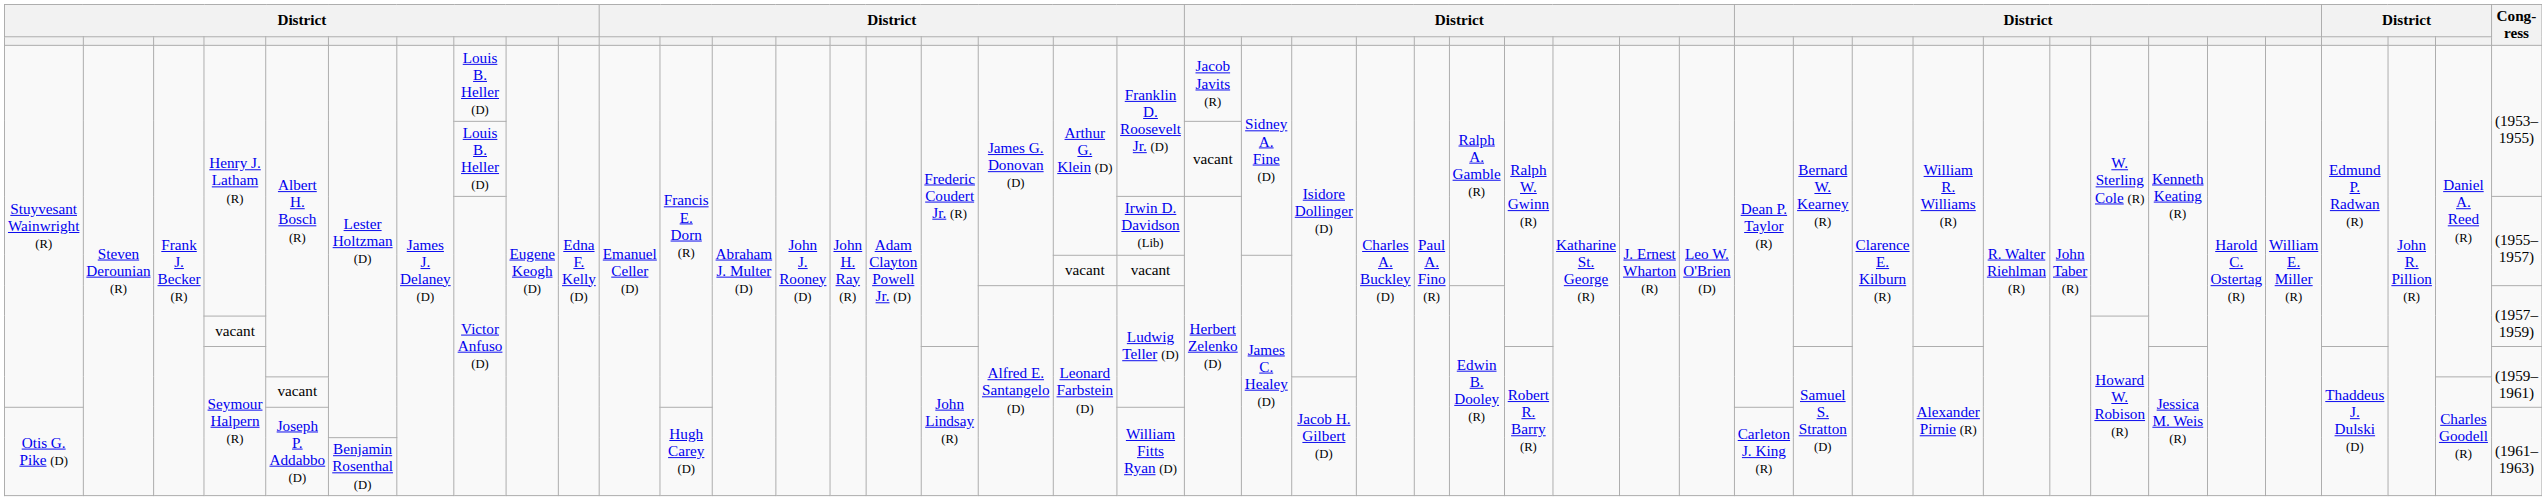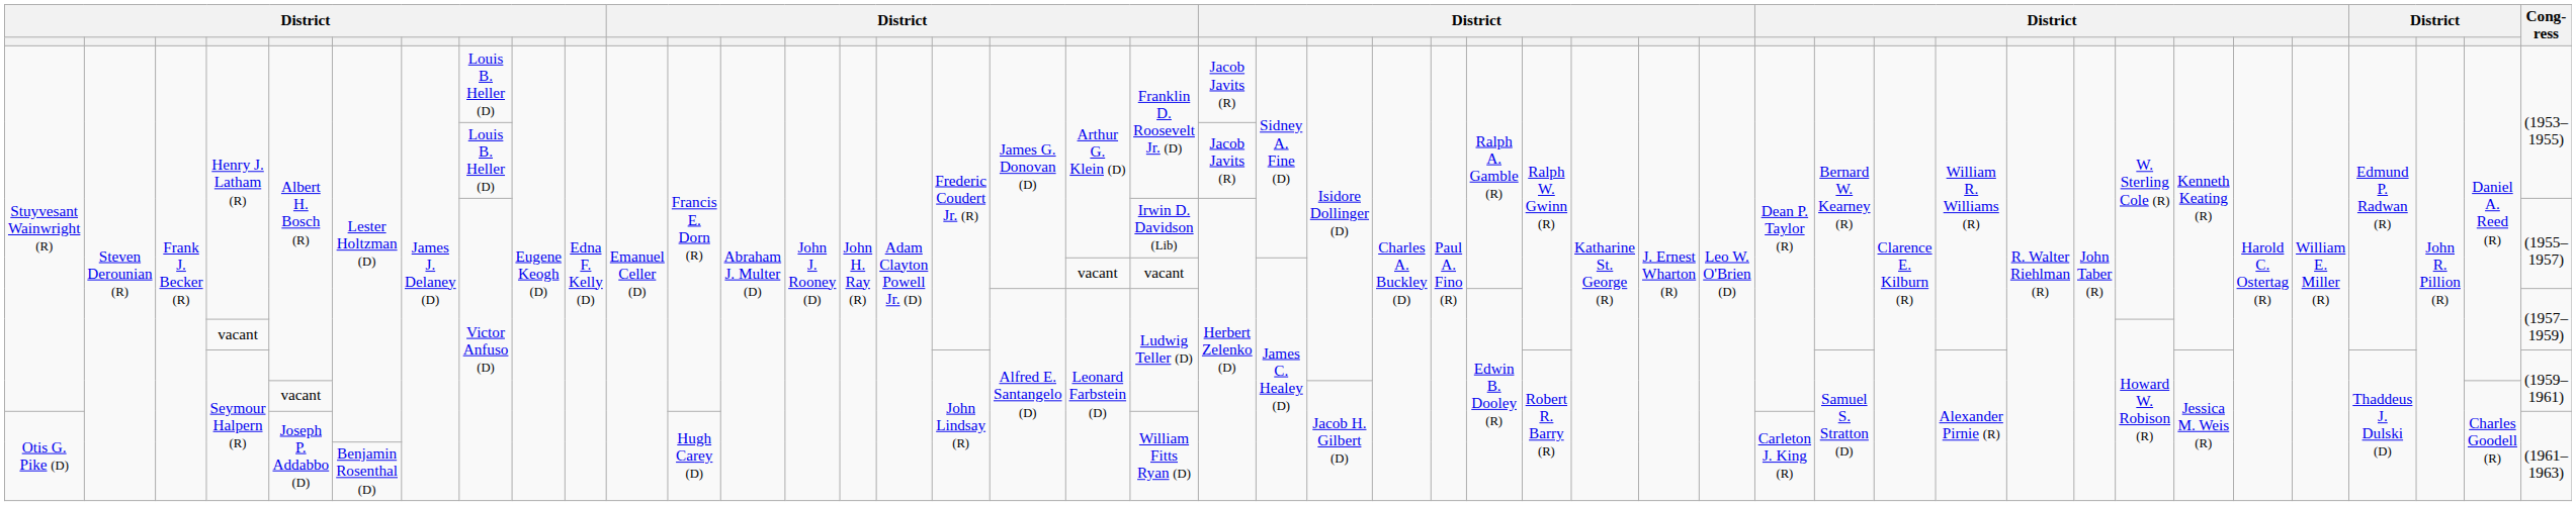 <table class=wikitable style="text-align:center">
 <tr>
 <th colspan=10>District</th>
 <th colspan=10>District</th>
 <th colspan=10>District</th>
 <th colspan=10>District</th>
 <th colspan=3>District</th>
 <th rowspan=2>Cong­ress</th>
 </tr>
 <tr>
 <th></th>
 <th></th>
 <th></th>
 <th></th>
 <th></th>
 <th></th>
 <th></th>
 <th></th>
 <th></th>
 <th></th>
 <th></th>
 <th></th>
 <th></th>
 <th></th>
 <th></th>
 <th></th>
 <th></th>
 <th></th>
 <th></th>
 <th></th>
 <th></th>
 <th></th>
 <th></th>
 <th></th>
 <th></th>
 <th></th>
 <th></th>
 <th></th>
 <th></th>
 <th></th>
 <th></th>
 <th></th>
 <th></th>
 <th></th>
 <th></th>
 <th></th>
 <th></th>
 <th></th>
 <th></th>
 <th></th>
 <th></th>
 <th></th>
 <th></th>
 </tr>
 <tr style="height:2em">
 <td rowspan=8 ><a href='#'>Stuyvesant<br>Wainwright</a><br><small>(R)</small></td>
 <td rowspan=10 ><a href='#'>Steven<br>Derounian</a><br><small>(R)</small></td>
 <td rowspan=10 ><a href='#'>Frank<br>J.<br>Becker</a><br><small>(R)</small></td>
 <td rowspan=5 ><a href='#'>Henry J.<br>Latham</a><br><small>(R)</small></td>
 <td rowspan=7 ><a href='#'>Albert H.<br>Bosch</a> <small>(R)</small></td>
 <td rowspan=9 ><a href='#'>Lester<br>Holtzman</a><br><small>(D)</small></td>
 <td rowspan=10 ><a href='#'>James<br>J.<br>Delaney</a><br><small>(D)</small></td>
 <td><a href='#'>Louis B.<br>Heller</a> <small>(D)</small></td>
 <td rowspan=10 ><a href='#'>Eugene<br>Keogh</a><br><small>(D)</small></td>
 <td rowspan=10 ><a href='#'>Edna<br>F.<br>Kelly</a><br><small>(D)</small></td>
 <td rowspan=10 ><a href='#'>Emanuel<br>Celler</a><br><small>(D)</small></td>
 <td rowspan=8 ><a href='#'>Francis<br>E.<br>Dorn</a><br><small>(R)</small></td>
 <td rowspan=10 ><a href='#'>Abraham<br>J. Multer</a><br><small>(D)</small></td>
 <td rowspan=10 ><a href='#'>John<br>J.<br>Rooney</a><br><small>(D)</small></td>
 <td rowspan=10 ><a href='#'>John<br>H.<br>Ray</a><br><small>(R)</small></td>
 <td rowspan=10 ><a href='#'>Adam<br>Clayton<br>Powell<br>Jr.</a> <small>(D)</small></td>
 <td rowspan=6 ><a href='#'>Frederic<br>Coudert<br>Jr.</a> <small>(R)</small></td>
 <td rowspan=4 ><a href='#'>James G.<br>Donovan</a><br><small>(D)</small></td>
 <td rowspan=3 ><a href='#'>Arthur<br>G.<br>Klein</a> <small>(D)</small></td>
 <td rowspan=2 ><a href='#'>Franklin D.<br>Roosevelt<br>Jr.</a> <small>(D)</small></td>
 <td><a href='#'>Jacob<br>Javits</a> <small>(R)</small></td>
 <td rowspan=3 ><a href='#'>Sidney<br>A.<br>Fine</a> <small>(D)</small></td>
 <td rowspan=7 ><a href='#'>Isidore<br>Dollinger</a><br><small>(D)</small></td>
 <td rowspan=10 ><a href='#'>Charles<br>A.<br>Buckley</a><br><small>(D)</small></td>
 <td rowspan=10 ><a href='#'>Paul<br>A.<br>Fino</a><br><small>(R)</small></td>
 <td rowspan=4 ><a href='#'>Ralph<br>A.<br>Gamble</a><br><small>(R)</small></td>
 <td rowspan=6 ><a href='#'>Ralph<br>W.<br>Gwinn</a><br><small>(R)</small></td>
 <td rowspan=10 ><a href='#'>Katharine<br>St.<br>George</a><br><small>(R)</small></td>
 <td rowspan=10 ><a href='#'>J. Ernest<br>Wharton</a><br><small>(R)</small></td>
 <td rowspan=10 ><a href='#'>Leo W.<br>O'Brien</a><br><small>(D)</small></td>
 <td rowspan=8 ><a href='#'>Dean P.<br>Taylor</a><br><small>(R)</small></td>
 <td rowspan=6 ><a href='#'>Bernard<br>W.<br>Kearney</a><br><small>(R)</small></td>
 <td rowspan=10 ><a href='#'>Clarence<br>E.<br>Kilburn</a><br><small>(R)</small></td>
 <td rowspan=6 ><a href='#'>William<br>R.<br>Williams</a><br><small>(R)</small></td>
 <td rowspan=10 ><a href='#'>R. Walter<br>Riehlman</a><br><small>(R)</small></td>
 <td rowspan=10 ><a href='#'>John<br>Taber</a><br><small>(R)</small></td>
 <td rowspan=5 ><a href='#'>W.<br>Sterling<br>Cole</a> <small>(R)</small></td>
 <td rowspan=6 ><a href='#'>Kenneth<br>Keating</a><br><small>(R)</small></td>
 <td rowspan=10 ><a href='#'>Harold<br>C.<br>Ostertag</a><br><small>(R)</small></td>
 <td rowspan=10 ><a href='#'>William<br>E.<br>Miller</a><br><small>(R)</small></td>
 <td rowspan=6 ><a href='#'>Edmund<br>P.<br>Radwan</a><br><small>(R)</small></td>
 <td rowspan=10 ><a href='#'>John<br>R.<br>Pillion</a><br><small>(R)</small></td>
 <td rowspan=7 ><a href='#'>Daniel<br>A.<br>Reed</a><br><small>(R)</small></td>
 <td rowspan=2><strong></strong><br>(1953–1955)</td>
 </tr>
 <tr style="height:2em">
 <td><a href='#'>Louis B.<br>Heller</a> <small>(D)</small></td>
-<td>vacant</td>
+<td><a href='#'>Jacob<br>Javits</a> <small>(R)</small></td>
 </tr>
 <tr style="height:2em">
 <td rowspan=8 ><a href='#'>Victor<br>Anfuso</a><br><small>(D)</small></td>
 <td><a href='#'>Irwin D.<br>Davidson</a> <small>(Lib)</small></td>
 <td rowspan=8 ><a href='#'>Herbert<br>Zelenko</a><br><small>(D)</small></td>
 <td rowspan=2><strong></strong><br>(1955–1957)</td>
 </tr>
 <tr style="height:2em">
 <td>vacant</td>
 <td>vacant</td>
 <td rowspan=7 ><a href='#'>James<br>C.<br>Healey</a><br><small>(D)</small></td>
 </tr>
 <tr style="height:2em">
 <td rowspan=6 ><a href='#'>Alfred E.<br>Santangelo</a><br><small>(D)</small></td>
 <td rowspan=6 ><a href='#'>Leonard<br>Farbstein</a><br><small>(D)</small></td>
 <td rowspan=4 ><a href='#'>Ludwig<br>Teller</a> <small>(D)</small></td>
 <td rowspan=6 ><a href='#'>Edwin<br>B.<br>Dooley</a><br><small>(R)</small></td>
 <td rowspan=2><strong></strong><br>(1957–1959)</td>
 </tr>
 <tr style="height:2em">
 <td>vacant</td>
 <td rowspan=5 ><a href='#'>Howard<br>W.<br>Robison</a><br><small>(R)</small></td>
 </tr>
 <tr style="height:2em">
 <td rowspan=4 ><a href='#'>Seymour<br>Halpern</a><br><small>(R)</small></td>
 <td rowspan=4 ><a href='#'>John<br>Lindsay</a><br><small>(R)</small></td>
 <td rowspan=4 ><a href='#'>Robert<br>R.<br>Barry</a><br><small>(R)</small></td>
 <td rowspan=4 ><a href='#'>Samuel<br>S.<br>Stratton</a><br><small>(D)</small></td>
 <td rowspan=4 ><a href='#'>Alexander<br>Pirnie</a> <small>(R)</small></td>
 <td rowspan=4 ><a href='#'>Jessica<br>M. Weis</a><br><small>(R)</small></td>
 <td rowspan=4 ><a href='#'>Thaddeus<br>J.<br>Dulski</a><br><small>(D)</small></td>
 <td rowspan=2><strong></strong><br>(1959–1961)</td>
 </tr>
 <tr style="height:2em">
 <td>vacant</td>
 <td rowspan=3 ><a href='#'>Jacob H.<br>Gilbert</a><br><small>(D)</small></td>
 <td rowspan=3 ><a href='#'>Charles<br>Goodell</a><br><small>(R)</small></td>
 </tr>
 <tr style="height:2em">
 <td rowspan=2 ><a href='#'>Otis G.<br>Pike</a> <small>(D)</small></td>
 <td rowspan=2 ><a href='#'>Joseph P.<br>Addabbo</a><br><small>(D)</small></td>
 <td rowspan=2 ><a href='#'>Hugh<br>Carey</a><br><small>(D)</small></td>
 <td rowspan=2 ><a href='#'>William Fitts<br>Ryan</a> <small>(D)</small></td>
 <td rowspan=2 ><a href='#'>Carleton<br>J. King</a><br><small>(R)</small></td>
 <td rowspan=2><strong></strong><br>(1961–1963)</td>
 </tr>
 <tr style="height:2em">
 <td><a href='#'>Benjamin<br>Rosenthal</a> <small>(D)</small></td>
 </tr>
 </table>
